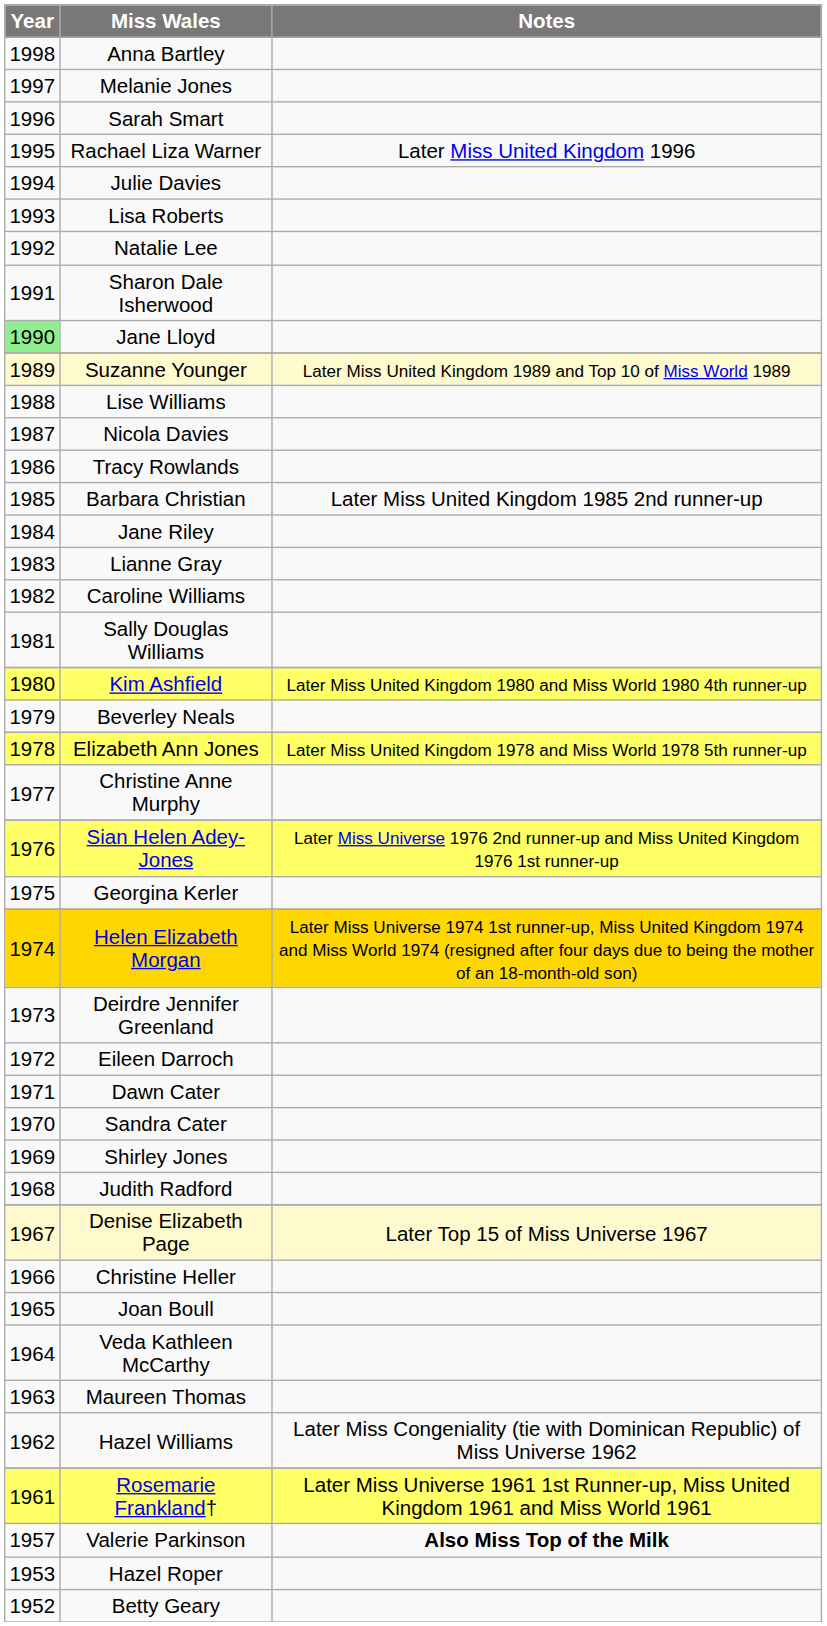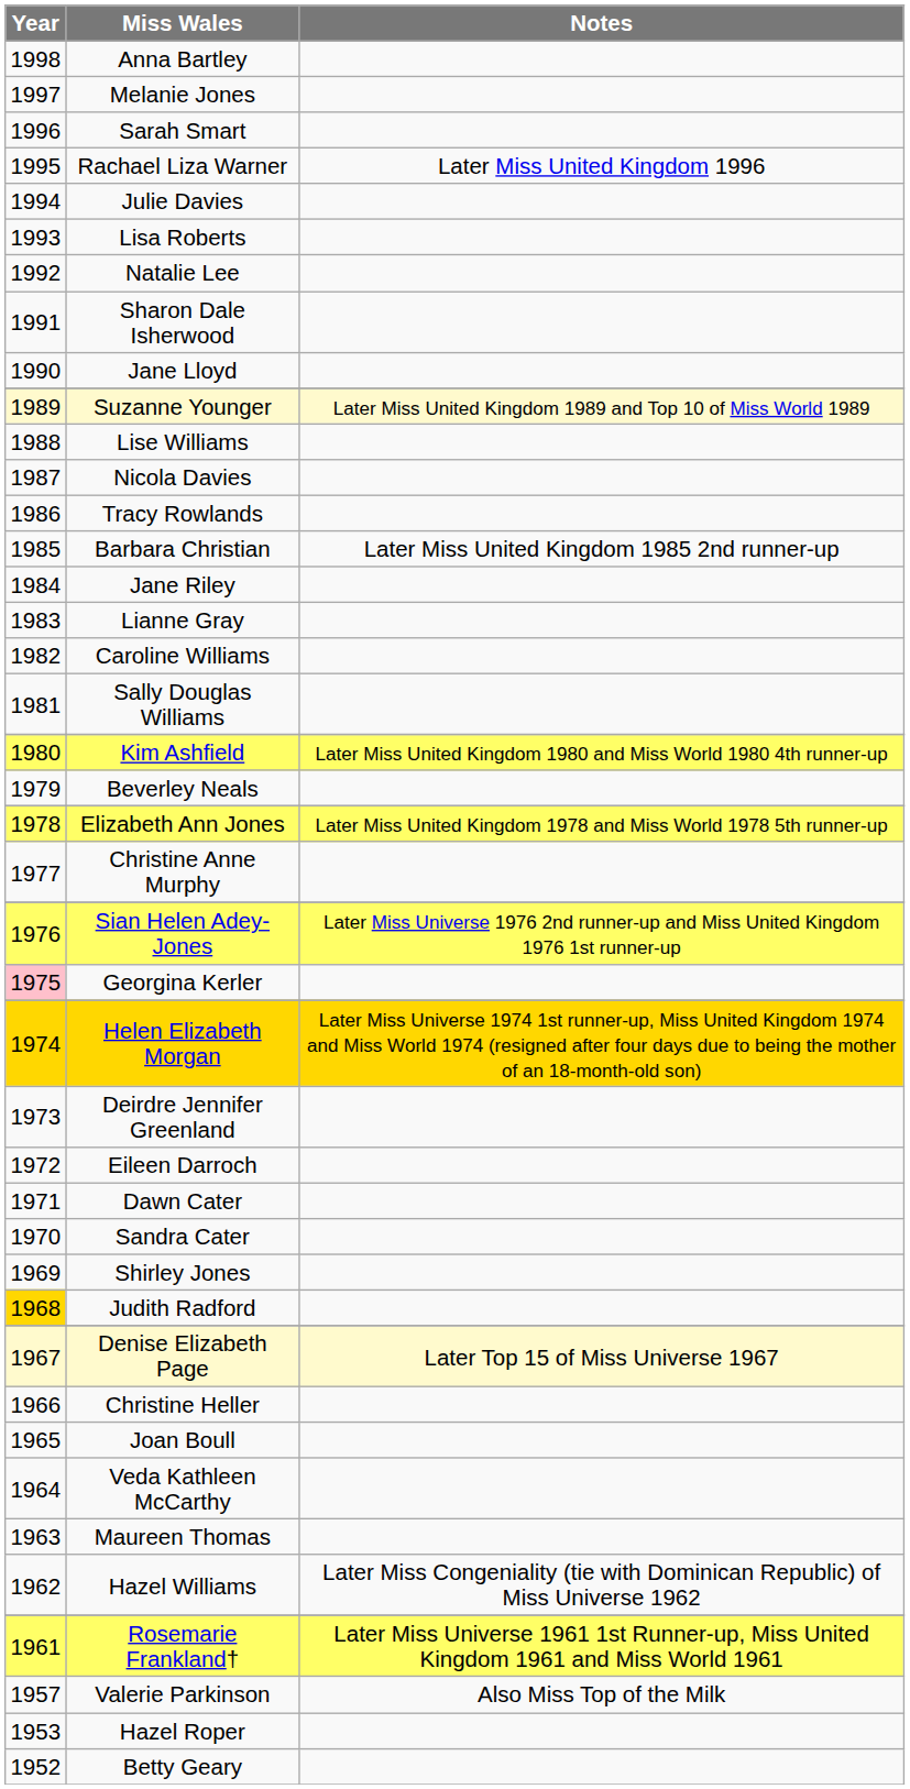 <table class="wikitable sortable" style="font-size: 95%; text-align:center">
 <tr>
 <th width="30" style="background-color:#787878;color:#FFFFFF;">Year</th>
 <th width="150" style="background-color:#787878;color:#FFFFFF;">Miss Wales</th>
 <th width="400" style="background-color:#787878;color:#FFFFFF;">Notes</th>
 </tr>
 <tr>
 <td>1998</td>
 <td>Anna Bartley</td>
 <td></td>
 </tr>
 <tr>
 <td>1997</td>
 <td>Melanie Jones</td>
 <td></td>
 </tr>
 <tr>
 <td>1996</td>
 <td>Sarah Smart</td>
 <td></td>
 </tr>
 <tr>
 <td>1995</td>
 <td>Rachael Liza Warner</td>
 <td>Later <a href='#'>Miss United Kingdom</a> 1996</td>
 </tr>
 <tr>
 <td>1994</td>
 <td>Julie Davies</td>
 <td></td>
 </tr>
 <tr>
 <td>1993</td>
 <td>Lisa Roberts</td>
 <td></td>
 </tr>
 <tr>
 <td>1992</td>
 <td>Natalie Lee</td>
 <td></td>
 </tr>
 <tr>
 <td>1991</td>
 <td>Sharon Dale Isherwood</td>
 <td></td>
 </tr>
 <tr>
-<td style="background: lightgreen;">1990</td>
+<td>1990</td>
 <td>Jane Lloyd</td>
 <td></td>
 </tr>
 <tr>
 </tr>
 <tr style="background-color:#FFFACD;">
 <td>1989</td>
 <td>Suzanne Younger</td>
 <td><small>Later Miss United Kingdom 1989 and Top 10 of <a href='#'>Miss World</a> 1989</small></td>
 </tr>
 <tr>
 <td>1988</td>
 <td>Lise Williams</td>
 <td></td>
 </tr>
 <tr>
 <td>1987</td>
 <td>Nicola Davies</td>
 <td></td>
 </tr>
 <tr>
 <td>1986</td>
 <td>Tracy Rowlands</td>
 <td></td>
 </tr>
 <tr>
 <td>1985</td>
 <td>Barbara Christian</td>
 <td>Later Miss United Kingdom 1985 2nd runner-up</td>
 </tr>
 <tr>
 <td>1984</td>
 <td>Jane Riley</td>
 <td></td>
 </tr>
 <tr>
 <td>1983</td>
 <td>Lianne Gray</td>
 <td></td>
 </tr>
 <tr>
 <td>1982</td>
 <td>Caroline Williams</td>
 <td></td>
 </tr>
 <tr>
 <td>1981</td>
 <td>Sally Douglas Williams</td>
 <td></td>
 </tr>
 <tr>
 </tr>
 <tr style="background-color:#FFFF66;">
 <td>1980</td>
 <td><a href='#'>Kim Ashfield</a></td>
 <td><small>Later Miss United Kingdom 1980 and Miss World 1980 4th runner-up</small></td>
 </tr>
 <tr>
 <td>1979</td>
 <td>Beverley Neals</td>
 <td></td>
 </tr>
 <tr>
 </tr>
 <tr style="background-color:#FFFF66;">
 <td>1978</td>
 <td>Elizabeth Ann Jones</td>
 <td><small>Later Miss United Kingdom 1978 and Miss World 1978 5th runner-up</small></td>
 </tr>
 <tr stunning>
 <td>1977</td>
 <td>Christine Anne Murphy</td>
 <td></td>
 </tr>
 <tr>
 </tr>
 <tr style="background-color:#FFFF66;">
 <td>1976</td>
 <td><a href='#'>Sian Helen Adey-Jones</a></td>
 <td><small>Later <a href='#'>Miss Universe</a> 1976 2nd runner-up and Miss United Kingdom 1976 1st runner-up</small></td>
 </tr>
 <tr>
-<td>1975</td>
+<td style="background: pink;">1975</td>
 <td>Georgina Kerler</td>
 <td></td>
 </tr>
 <tr>
 </tr>
 <tr style="background-color:gold;">
 <td>1974</td>
 <td><a href='#'>Helen Elizabeth Morgan</a></td>
 <td><small>Later Miss Universe 1974 1st runner-up, Miss United Kingdom 1974 and Miss World 1974 (resigned after four days due to being the mother of an 18-month-old son)</small></td>
 </tr>
 <tr>
 <td>1973</td>
 <td>Deirdre Jennifer Greenland</td>
 <td></td>
 </tr>
 <tr>
 <td>1972</td>
 <td>Eileen Darroch</td>
 <td></td>
 </tr>
 <tr>
 <td>1971</td>
 <td>Dawn Cater</td>
 <td></td>
 </tr>
 <tr>
 <td>1970</td>
 <td>Sandra Cater</td>
 <td></td>
 </tr>
 <tr>
 <td>1969</td>
 <td>Shirley Jones</td>
 <td></td>
 </tr>
 <tr>
-<td>1968</td>
+<td style="background: gold;">1968</td>
 <td>Judith Radford</td>
 <td></td>
 </tr>
 <tr>
 </tr>
 <tr style="background-color:#FFFACD;">
 <td>1967</td>
 <td>Denise Elizabeth Page</td>
 <td>Later Top 15 of Miss Universe 1967</td>
 </tr>
 <tr>
 <td>1966</td>
 <td>Christine Heller</td>
 <td></td>
 </tr>
 <tr>
 <td>1965</td>
 <td>Joan Boull</td>
 <td></td>
 </tr>
 <tr>
 <td>1964</td>
 <td>Veda Kathleen McCarthy</td>
 <td></td>
 </tr>
 <tr>
 <td>1963</td>
 <td>Maureen Thomas</td>
 <td></td>
 </tr>
 <tr>
 <td>1962</td>
 <td>Hazel Williams</td>
 <td>Later Miss Congeniality (tie with Dominican Republic) of Miss Universe 1962</td>
 </tr>
 <tr>
 </tr>
 <tr style="background-color:#FFFF66;">
 <td>1961</td>
 <td><a href='#'>Rosemarie Frankland</a>†</td>
 <td>Later Miss Universe 1961 1st Runner-up, Miss United Kingdom 1961 and Miss World 1961</td>
 </tr>
 <tr>
 <td>1957</td>
 <td>Valerie Parkinson</td>
-<td><strong>Also Miss Top of the Milk</strong></td>
+<td>Also Miss Top of the Milk</td>
 </tr>
 <tr>
 <td>1953</td>
 <td>Hazel Roper</td>
 <td></td>
 </tr>
 <tr>
 <td>1952</td>
 <td>Betty Geary</td>
 <td></td>
 </tr>
 </table>
